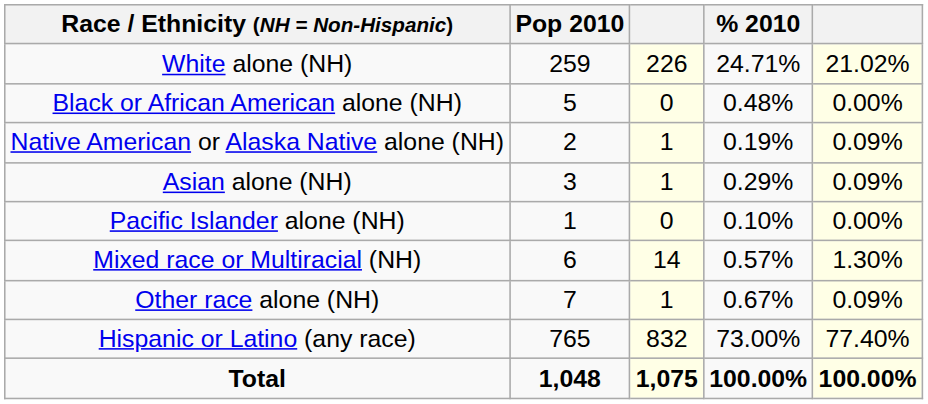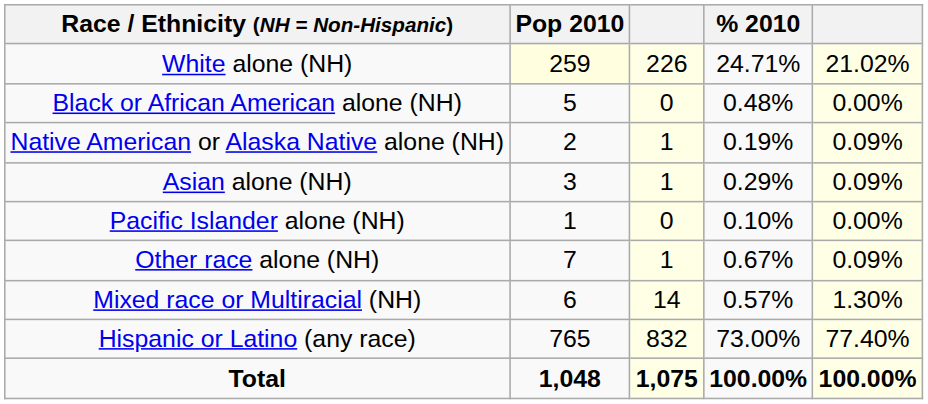 <table class="wikitable" style="text-align:center;">
 <tr>
 <th>Race / Ethnicity <small>(<em>NH = Non-Hispanic</em>)</small></th>
 <th>Pop 2010</th>
 <th></th>
 <th>% 2010</th>
 <th></th>
 </tr>
 <tr>
 <td><a href='#'>White</a> alone (NH)</td>
-<td>259</td>
+<td style="background: lightyellow;">259</td>
 <td style='background: #ffffe6;'>226</td>
 <td>24.71%</td>
 <td style='background: #ffffe6;'>21.02%</td>
 </tr>
 <tr>
 <td><a href='#'>Black or African American</a> alone (NH)</td>
 <td>5</td>
 <td style='background: #ffffe6;'>0</td>
 <td>0.48%</td>
 <td style='background: #ffffe6;'>0.00%</td>
 </tr>
 <tr>
 <td><a href='#'>Native American</a> or <a href='#'>Alaska Native</a> alone (NH)</td>
 <td>2</td>
 <td style='background: #ffffe6;'>1</td>
 <td>0.19%</td>
 <td style='background: #ffffe6;'>0.09%</td>
 </tr>
 <tr>
 <td><a href='#'>Asian</a> alone (NH)</td>
 <td>3</td>
 <td style='background: #ffffe6;'>1</td>
 <td>0.29%</td>
 <td style='background: #ffffe6;'>0.09%</td>
 </tr>
 <tr>
 <td><a href='#'>Pacific Islander</a> alone (NH)</td>
 <td>1</td>
 <td style='background: #ffffe6;'>0</td>
 <td>0.10%</td>
 <td style='background: #ffffe6;'>0.00%</td>
 </tr>
 <tr>
+<td><a href='#'>Other race</a> alone (NH)</td>
+<td>7</td>
+<td style='background: #ffffe6;'>1</td>
+<td>0.67%</td>
+<td style='background: #ffffe6;'>0.09%</td>
+</tr>
+<tr>
 <td><a href='#'>Mixed race or Multiracial</a> (NH)</td>
 <td>6</td>
 <td style='background: #ffffe6;'>14</td>
 <td>0.57%</td>
 <td style='background: #ffffe6;'>1.30%</td>
-</tr>
-<tr>
-<td><a href='#'>Other race</a> alone (NH)</td>
-<td>7</td>
-<td style='background: #ffffe6;'>1</td>
-<td>0.67%</td>
-<td style='background: #ffffe6;'>0.09%</td>
 </tr>
 <tr>
 <td><a href='#'>Hispanic or Latino</a> (any race)</td>
 <td>765</td>
 <td style='background: #ffffe6;'>832</td>
 <td>73.00%</td>
 <td style='background: #ffffe6;'>77.40%</td>
 </tr>
 <tr>
 <td><strong>Total</strong></td>
 <td><strong>1,048</strong></td>
 <td style='background: #ffffe6;'><strong>1,075</strong></td>
 <td><strong>100.00%</strong></td>
 <td style='background: #ffffe6;'><strong>100.00%</strong></td>
 </tr>
 </table>
